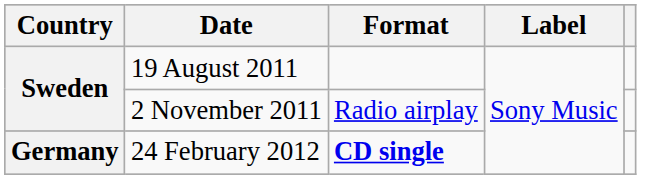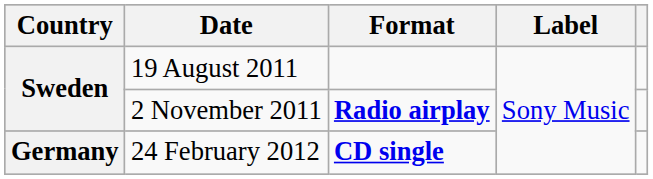 <table class="wikitable plainrowheaders">
 <tr>
 <th scope="col">Country</th>
 <th scope="col">Date</th>
 <th scope="col">Format</th>
 <th scope="col">Label</th>
 <th scope="col"></th>
 </tr>
 <tr>
 <th scope="row" rowspan="2">Sweden</th>
 <td>19 August 2011</td>
 <td></td>
 <td rowspan="3"><a href='#'>Sony Music</a></td>
 <td style="text-align:center;"></td>
 </tr>
 <tr>
 <td>2 November 2011</td>
-<td><a href='#'>Radio airplay</a></td>
+<td><strong><a href='#'>Radio airplay</a></strong></td>
 <td style="text-align:center;"></td>
 </tr>
 <tr>
 <th scope="row">Germany</th>
 <td>24 February 2012</td>
 <td><strong><a href='#'>CD single</a></strong></td>
 <td style="text-align:center;"></td>
 </tr>
 </table>
